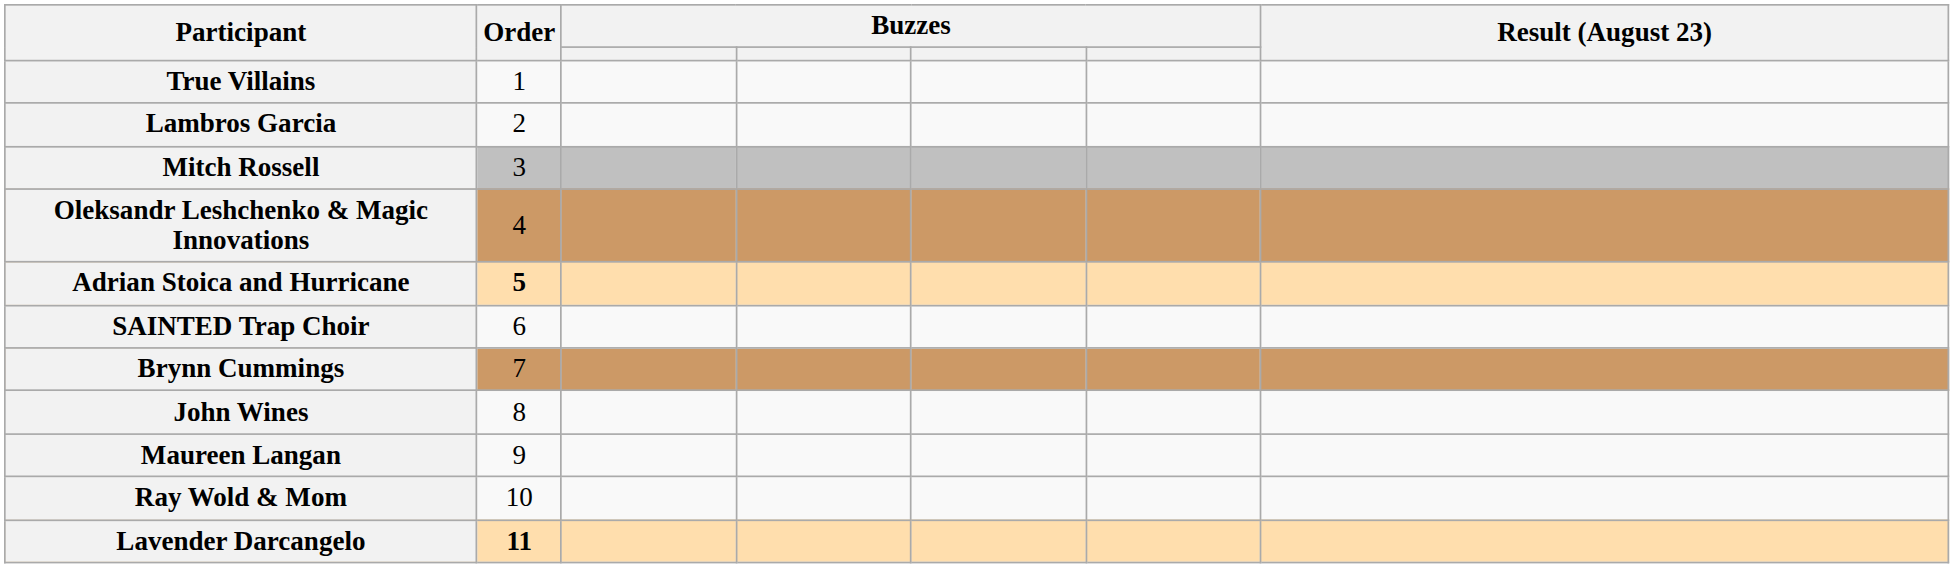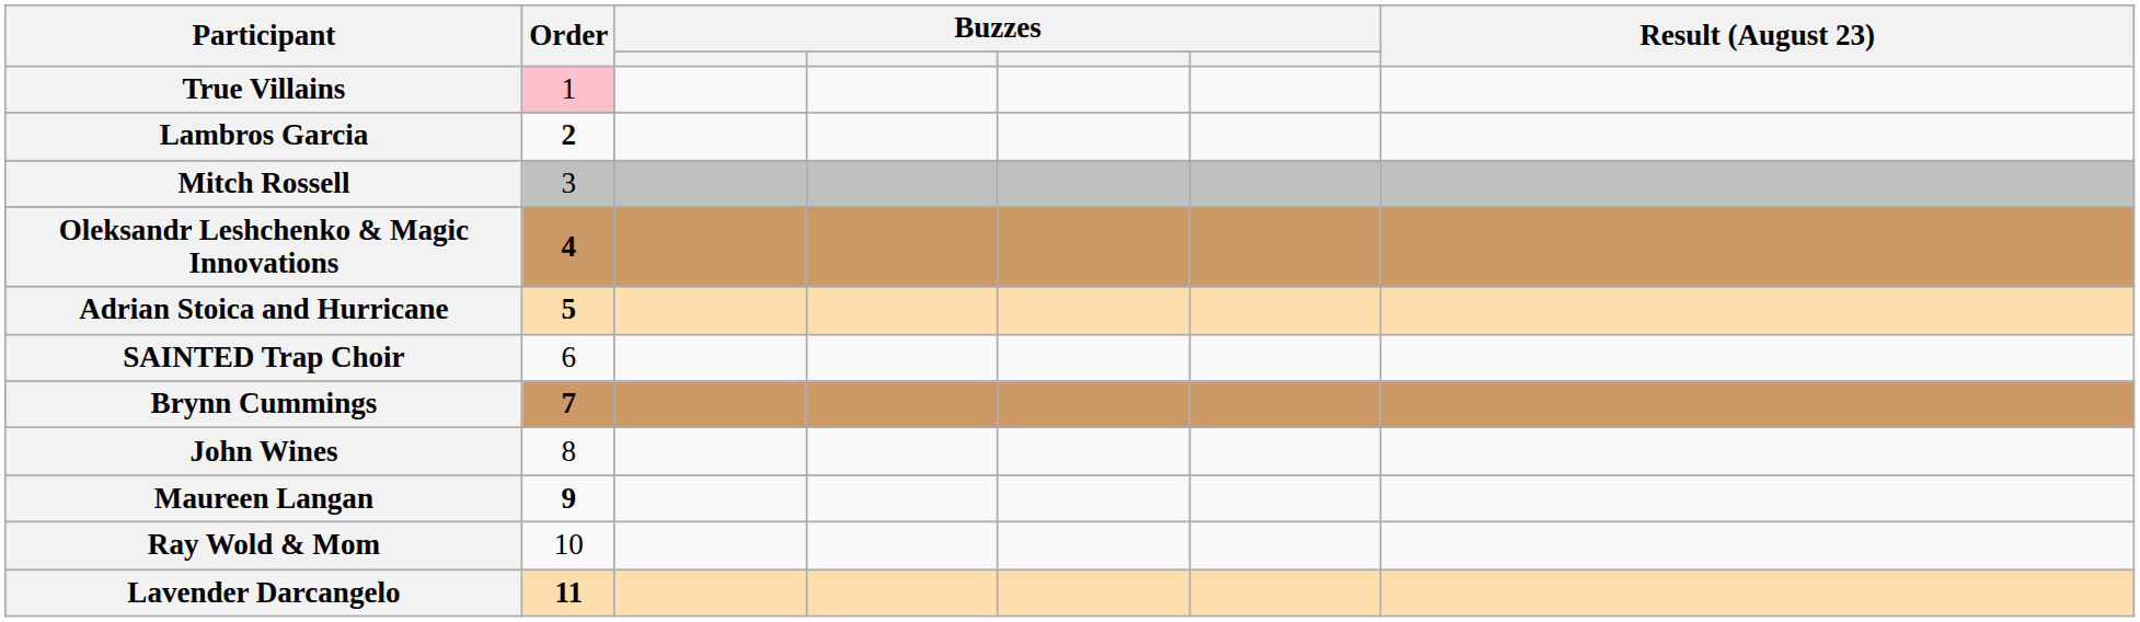 <table class="wikitable plainrowheaders sortable" style="text-align:center;">
 <tr>
 <th scope="col" rowspan="2" class="unsortable" style="width:17em;">Participant</th>
 <th scope="col" rowspan="2" style="width:1em;">Order</th>
 <th scope="col" colspan="4" class="unsortable" style="width:24em;">Buzzes</th>
 <th scope="col" rowspan="2" style="width:25em;">Result (August 23)</th>
 </tr>
 <tr>
 <th scope="col" class="unsortable" style="width:6em;"></th>
 <th scope="col" class="unsortable" style="width:6em;"></th>
 <th scope="col" class="unsortable" style="width:6em;"></th>
 <th scope="col" class="unsortable" style="width:6em;"></th>
 </tr>
 <tr>
 <th scope="row">True Villains</th>
-<td>1</td>
+<td style="background: pink;">1</td>
 <td style="text-align:center;"></td>
 <td style="text-align:center;"></td>
 <td style="text-align:center;"></td>
 <td style="text-align:center;"></td>
 <td></td>
 </tr>
 <tr>
 <th scope="row">Lambros Garcia</th>
-<td>2</td>
+<td><strong>2</strong></td>
 <td style="text-align:center;"></td>
 <td style="text-align:center;"></td>
 <td style="text-align:center;"></td>
 <td style="text-align:center;"></td>
 <td></td>
 </tr>
 <tr bgcolor=silver>
 <th scope="row">Mitch Rossell</th>
 <td>3</td>
 <td style="text-align:center;"></td>
 <td style="text-align:center;"></td>
 <td style="text-align:center;"></td>
 <td style="text-align:center;"></td>
 <td></td>
 </tr>
 <tr bgcolor=#c96>
 <th scope="row">Oleksandr Leshchenko & Magic Innovations</th>
-<td>4</td>
+<td><strong>4</strong></td>
 <td style="text-align:center;"></td>
 <td style="text-align:center;"></td>
 <td style="text-align:center;"></td>
 <td style="text-align:center;"></td>
 <td></td>
 </tr>
 <tr bgcolor=navajowhite>
 <th scope="row"><strong>Adrian Stoica and Hurricane</strong></th>
 <td><strong>5</strong></td>
 <td style="text-align:center;"></td>
 <td style="text-align:center;"></td>
 <td style="text-align:center;"></td>
 <td style="text-align:center;"></td>
 <td><strong></strong></td>
 </tr>
 <tr>
 <th scope="row">SAINTED Trap Choir</th>
 <td>6</td>
 <td style="text-align:center;"></td>
 <td style="text-align:center;"></td>
 <td style="text-align:center;"></td>
 <td style="text-align:center;"></td>
 <td></td>
 </tr>
 <tr bgcolor=#c96>
 <th scope="row">Brynn Cummings</th>
-<td>7</td>
+<td><strong>7</strong></td>
 <td style="text-align:center;"></td>
 <td style="text-align:center;"></td>
 <td style="text-align:center;"></td>
 <td style="text-align:center;"></td>
 <td></td>
 </tr>
 <tr>
 <th scope="row">John Wines</th>
 <td>8</td>
 <td style="text-align:center;"></td>
 <td style="text-align:center;"></td>
 <td style="text-align:center;"></td>
 <td style="text-align:center;"></td>
 <td></td>
 </tr>
 <tr>
 <th scope="row">Maureen Langan</th>
-<td>9</td>
+<td><strong>9</strong></td>
 <td style="text-align:center;"></td>
 <td style="text-align:center;"></td>
 <td style="text-align:center;"></td>
 <td style="text-align:center;"></td>
 <td></td>
 </tr>
 <tr>
 <th scope="row">Ray Wold & Mom</th>
 <td>10</td>
 <td style="text-align:center;"></td>
 <td style="text-align:center;"></td>
 <td style="text-align:center;"></td>
 <td style="text-align:center;"></td>
 <td></td>
 </tr>
 <tr bgcolor=navajowhite>
 <th scope="row"><strong>Lavender Darcangelo</strong></th>
 <td><strong>11</strong></td>
 <td style="text-align:center;"></td>
 <td style="text-align:center;"></td>
 <td style="text-align:center;"></td>
 <td style="text-align:center;"></td>
 <td><strong></strong></td>
 </tr>
 </table>
